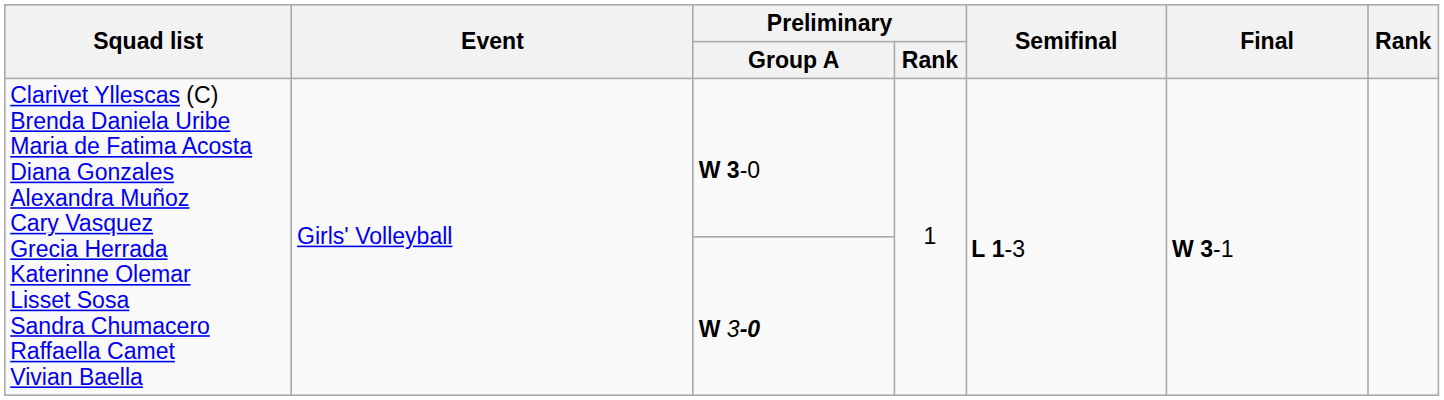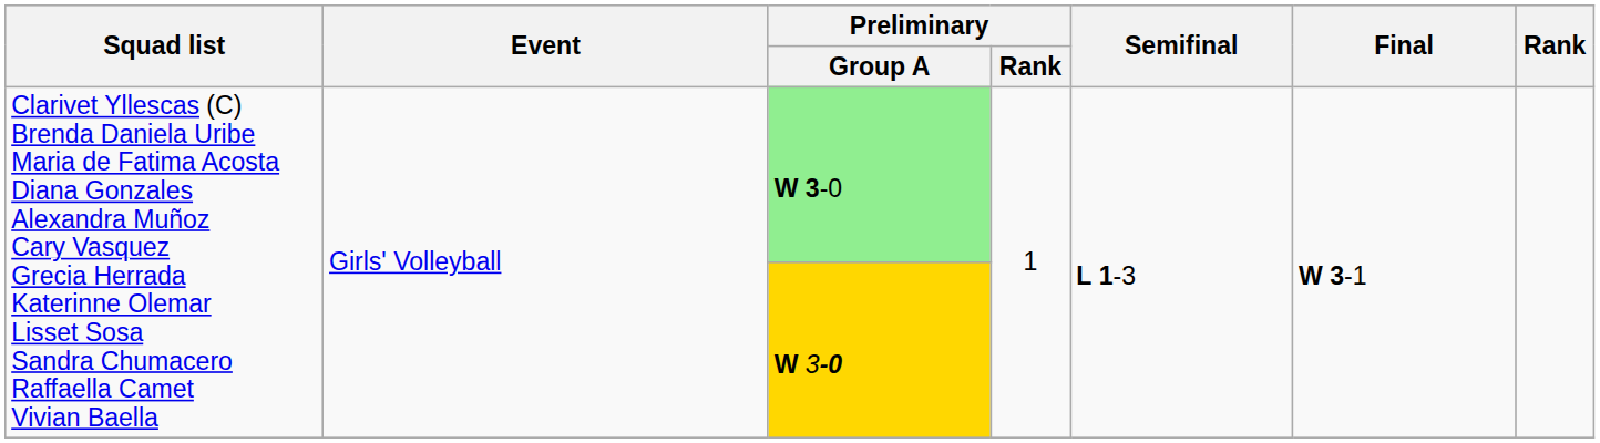 <table class="wikitable"  style="width:71%; text-align:left; font-size:90%;">
 <tr>
 <th rowspan="2" style="width:20%;">Squad list</th>
 <th rowspan="2">Event</th>
 <th colspan="2">Preliminary</th>
 <th rowspan="2" style="width:14%;">Semifinal</th>
 <th rowspan="2" style="width:14%;">Final</th>
 <th rowspan="2" style="width:5%;">Rank</th>
 </tr>
 <tr>
 <th style="width:14%;">Group A</th>
 <th style="width:5%;">Rank</th>
 </tr>
 <tr>
 <td rowspan="2"><a href='#'>Clarivet Yllescas</a> (C)<br><a href='#'>Brenda Daniela Uribe</a><br><a href='#'>Maria de Fatima Acosta</a><br><a href='#'>Diana Gonzales</a><br><a href='#'>Alexandra Muñoz</a><br><a href='#'>Cary Vasquez</a><br><a href='#'>Grecia Herrada</a><br><a href='#'>Katerinne Olemar</a><br><a href='#'>Lisset Sosa</a><br><a href='#'>Sandra Chumacero</a><br><a href='#'>Raffaella Camet</a><br><a href='#'>Vivian Baella</a></td>
 <td rowspan=2><a href='#'>Girls' Volleyball</a></td>
-<td> <br> <strong>W</strong> <strong>3</strong>-0</td>
+<td style="background: lightgreen;"> <br> <strong>W</strong> <strong>3</strong>-0</td>
 <td rowspan="2" style="text-align:center;">1</td>
 <td rowspan="2"> <br> <strong>L</strong> <strong>1</strong>-3</td>
 <td rowspan="2"> <br> <strong>W</strong> <strong>3</strong>-1</td>
 <td rowspan="2" style="text-align:center;"></td>
 </tr>
 <tr>
-<td> <br> <strong>W</strong> <em>3<strong>-0</td>
+<td style="background: gold;"> <br> <strong>W</strong> <em>3<strong>-0</td>
 </tr>
 </table>
